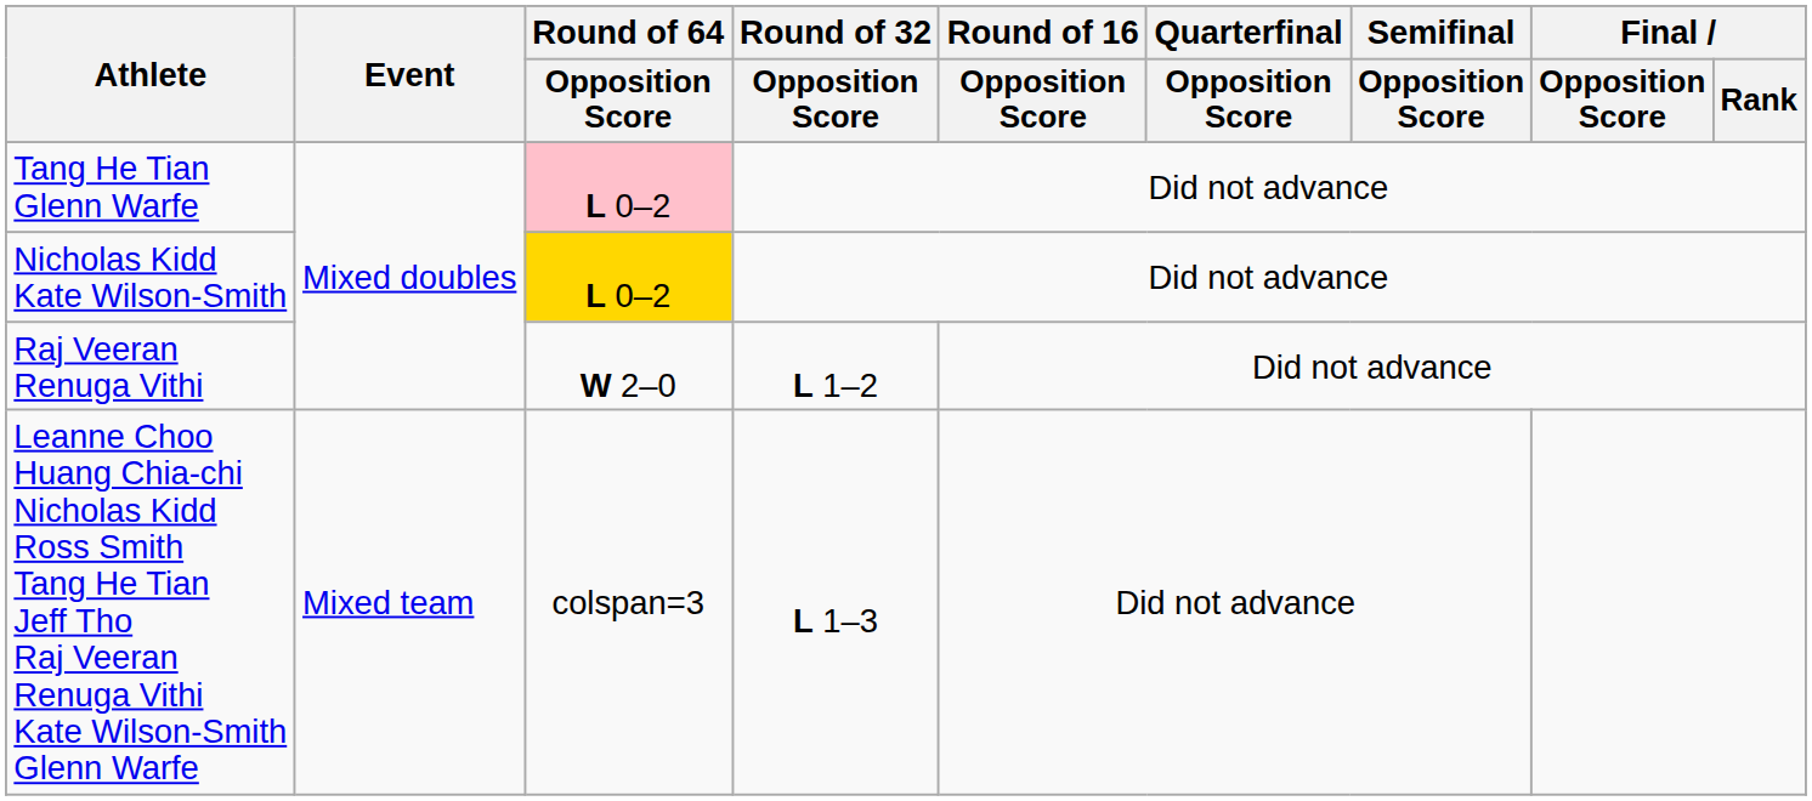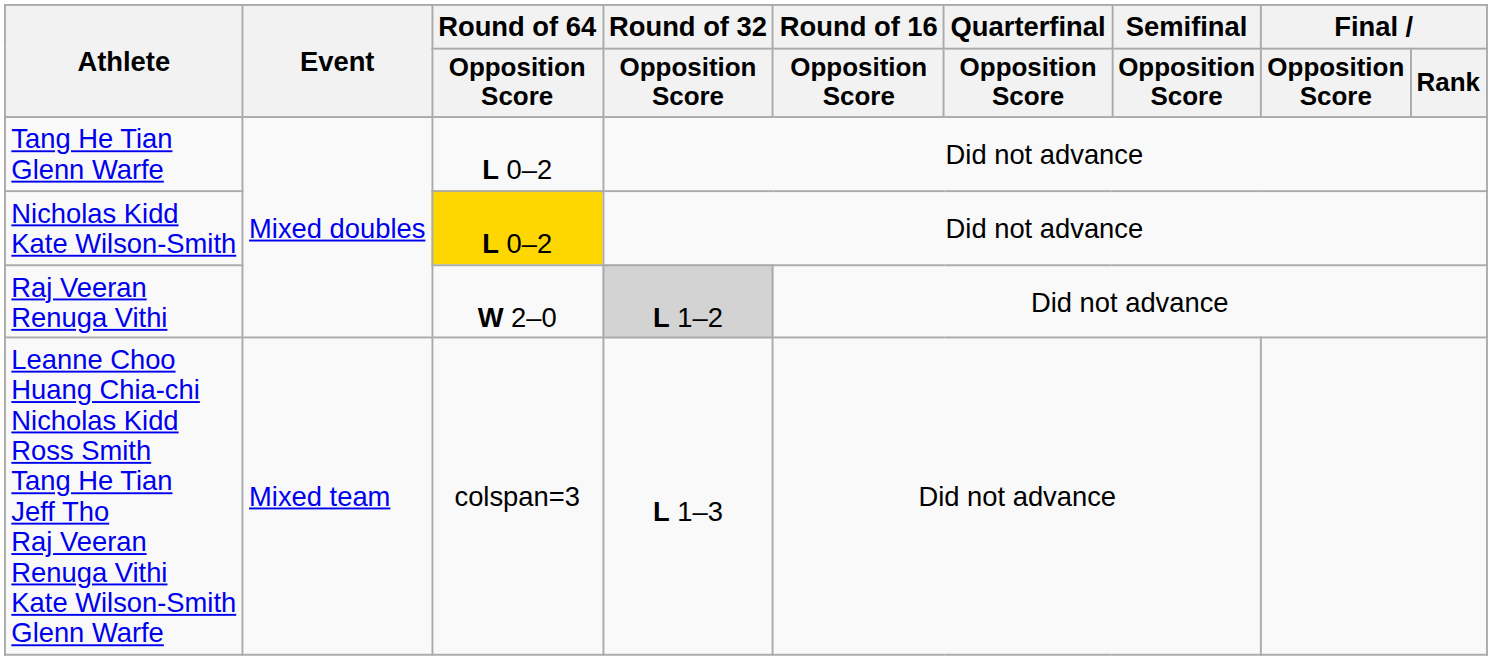 <table class=wikitable style="font-size:90%">
 <tr>
 <th rowspan="2">Athlete</th>
 <th rowspan="2">Event</th>
 <th>Round of 64</th>
 <th>Round of 32</th>
 <th>Round of 16</th>
 <th>Quarterfinal</th>
 <th>Semifinal</th>
 <th colspan=2>Final / </th>
 </tr>
 <tr style="font-size:95%">
 <th>Opposition<br>Score</th>
 <th>Opposition<br>Score</th>
 <th>Opposition<br>Score</th>
 <th>Opposition<br>Score</th>
 <th>Opposition<br>Score</th>
 <th>Opposition<br>Score</th>
 <th>Rank</th>
 </tr>
 <tr align=center>
 <td align=left><a href='#'>Tang He Tian</a><br><a href='#'>Glenn Warfe</a></td>
 <td align=left rowspan=3><a href='#'>Mixed doubles</a></td>
-<td style="background: pink;"><br><strong>L</strong> 0–2</td>
+<td><br><strong>L</strong> 0–2</td>
 <td colspan=6>Did not advance</td>
 </tr>
 <tr align=center>
 <td align=left><a href='#'>Nicholas Kidd</a><br><a href='#'>Kate Wilson-Smith</a></td>
 <td style="background: gold;"><br><strong>L</strong> 0–2</td>
 <td colspan=6>Did not advance</td>
 </tr>
 <tr align=center>
 <td align=left><a href='#'>Raj Veeran</a><br><a href='#'>Renuga Vithi</a></td>
 <td><br><strong>W</strong> 2–0</td>
-<td><br><strong>L</strong> 1–2</td>
+<td style="background: lightgrey;"><br><strong>L</strong> 1–2</td>
 <td colspan=5>Did not advance</td>
 </tr>
 <tr align=center>
 <td align=left><a href='#'>Leanne Choo</a><br><a href='#'>Huang Chia-chi</a><br><a href='#'>Nicholas Kidd</a><br><a href='#'>Ross Smith</a><br><a href='#'>Tang He Tian</a><br><a href='#'>Jeff Tho</a><br><a href='#'>Raj Veeran</a><br><a href='#'>Renuga Vithi</a><br><a href='#'>Kate Wilson-Smith</a><br><a href='#'>Glenn Warfe</a></td>
 <td align=left><a href='#'>Mixed team</a></td>
 <td>colspan=3 </td>
 <td><br><strong>L</strong> 1–3</td>
 <td colspan=3>Did not advance</td>
 </tr>
 </table>
